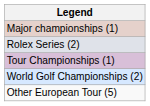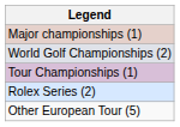 <table class="wikitable" style="font-size:95%;">
 <tr>
 <th>Legend</th>
 </tr>
 <tr style="background:#e5d1cb;">
 <td>Major championships (1)</td>
 </tr>
 <tr style="background:#dfe2e9;">
-<td>Rolex Series (2)</td>
+<td>World Golf Championships (2)</td>
 </tr>
 <tr style="background:thistle">
 <td>Tour Championships (1)</td>
 </tr>
 <tr style="background:#D6E8FF;">
-<td>World Golf Championships (2)</td>
+<td>Rolex Series (2)</td>
 </tr>
 <tr>
 <td>Other European Tour (5)</td>
 </tr>
 </table>
